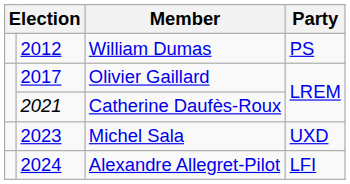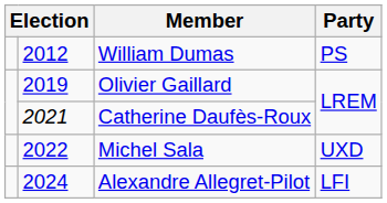 <table class="wikitable">
 <tr>
 <th colspan="2">Election</th>
 <th>Member</th>
 <th>Party</th>
 </tr>
 <tr>
 <td style="color:inherit;background-color:"></td>
 <td><a href='#'>2012</a></td>
 <td><a href='#'>William Dumas</a></td>
 <td><a href='#'>PS</a></td>
 </tr>
 <tr>
 <td rowspan="2" style="color:inherit;background-color: "></td>
-<td><a href='#'>2017</a></td>
+<td><a href='#'>2019</a></td>
 <td><a href='#'>Olivier Gaillard</a></td>
 <td rowspan="2"><a href='#'>LREM</a></td>
 </tr>
 <tr>
 <td><em>2021</em></td>
 <td><a href='#'>Catherine Daufès-Roux</a></td>
 </tr>
 <tr>
 <td style="color:inherit;background-color: "></td>
-<td><a href='#'>2023</a></td>
+<td><a href='#'>2022</a></td>
 <td><a href='#'>Michel Sala</a></td>
 <td><a href='#'>UXD</a></td>
 </tr>
 <tr>
 <td style="color:inherit;background-color: "></td>
 <td><a href='#'>2024</a></td>
 <td><a href='#'>Alexandre Allegret-Pilot</a></td>
 <td><a href='#'>LFI</a></td>
 </tr>
 </table>
